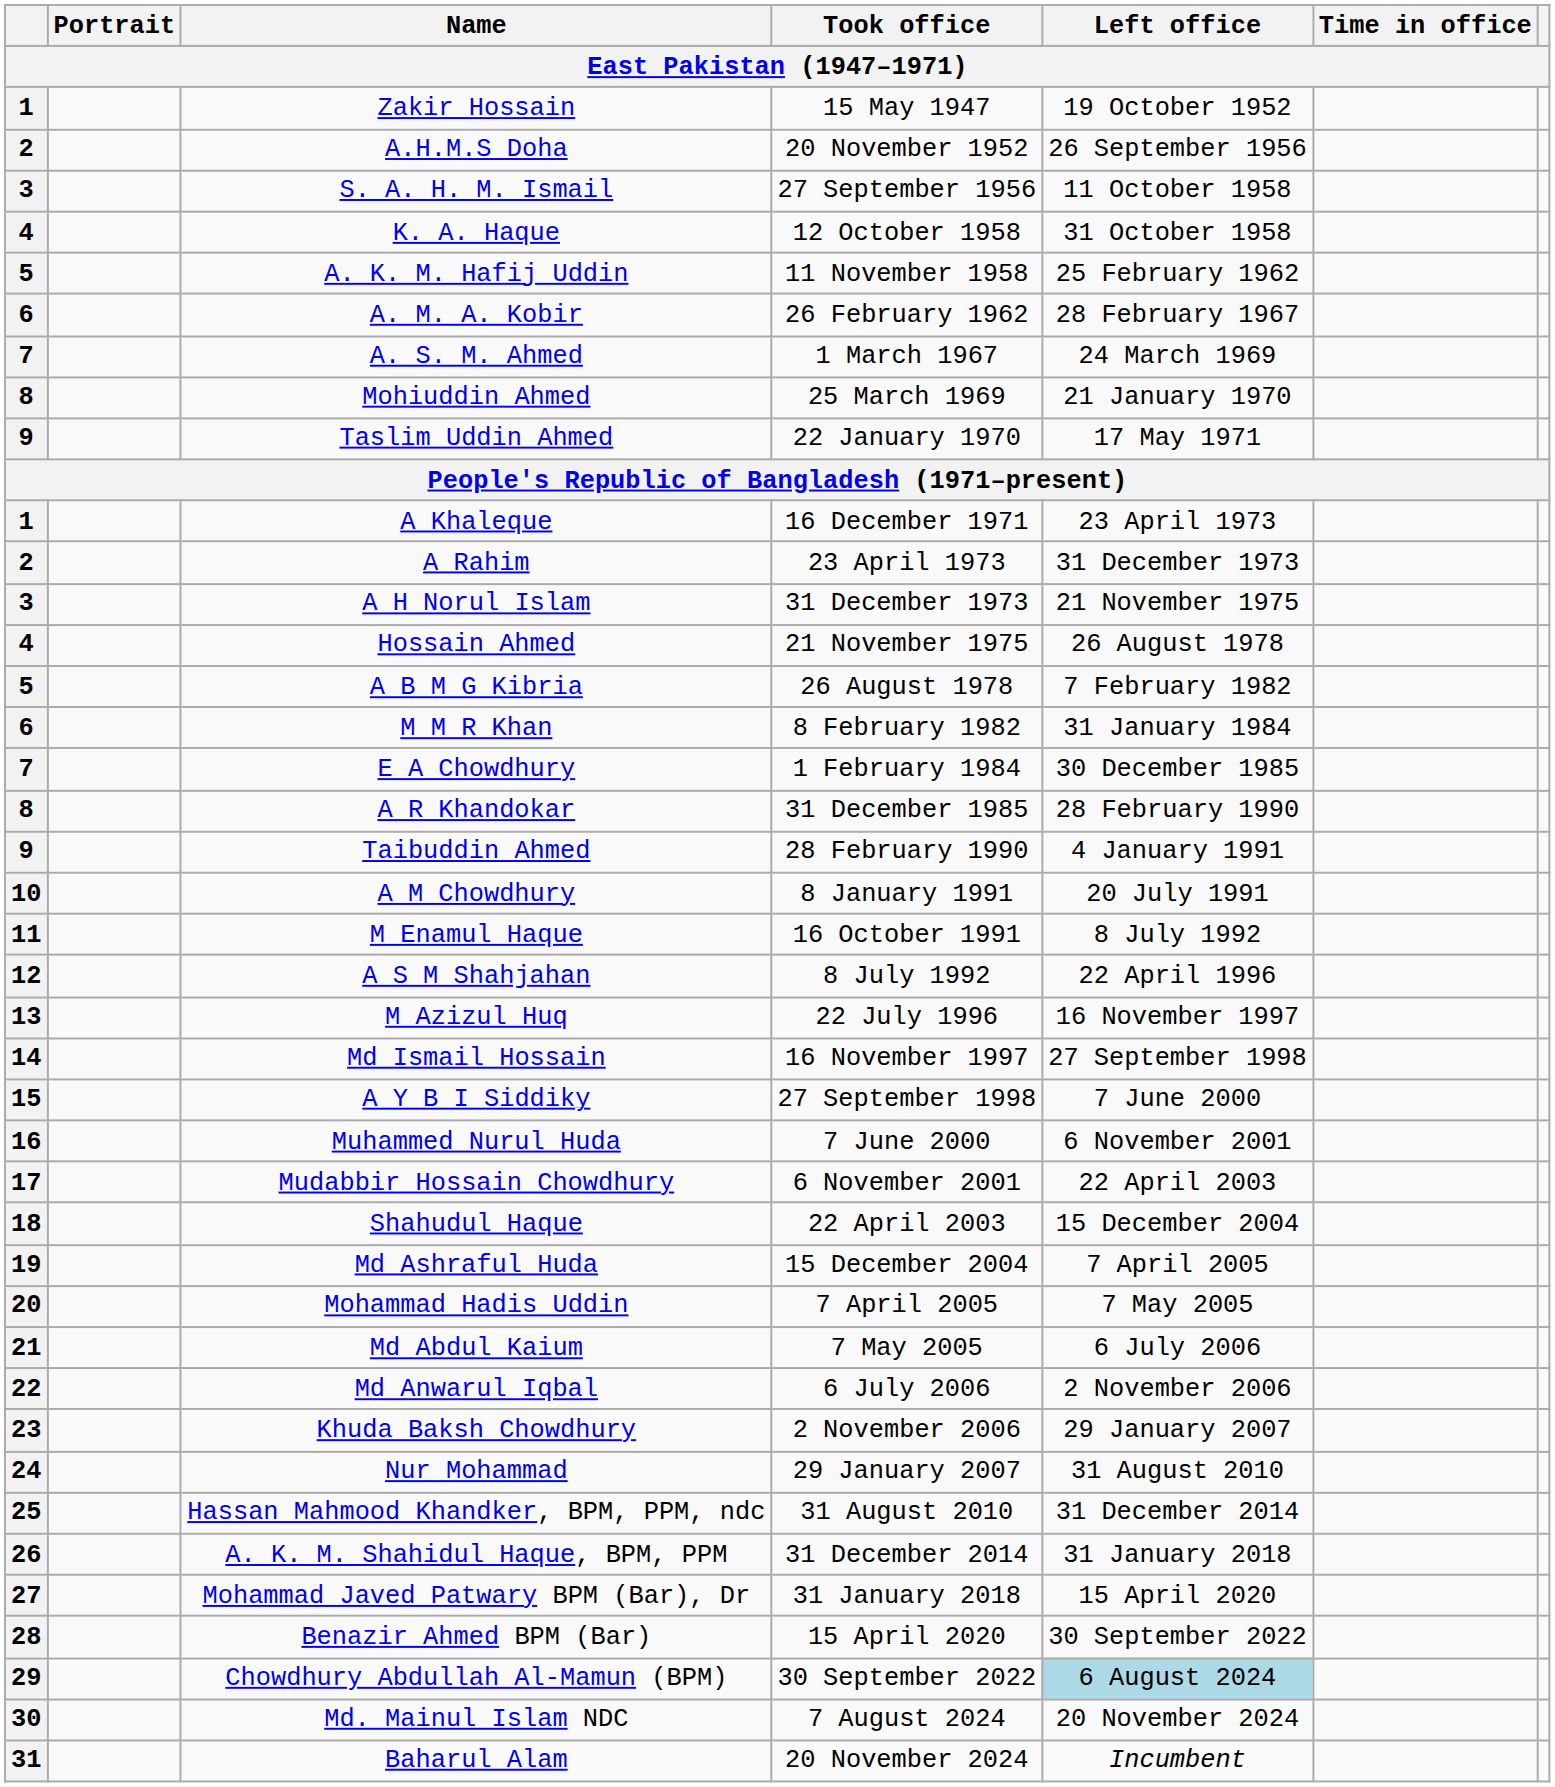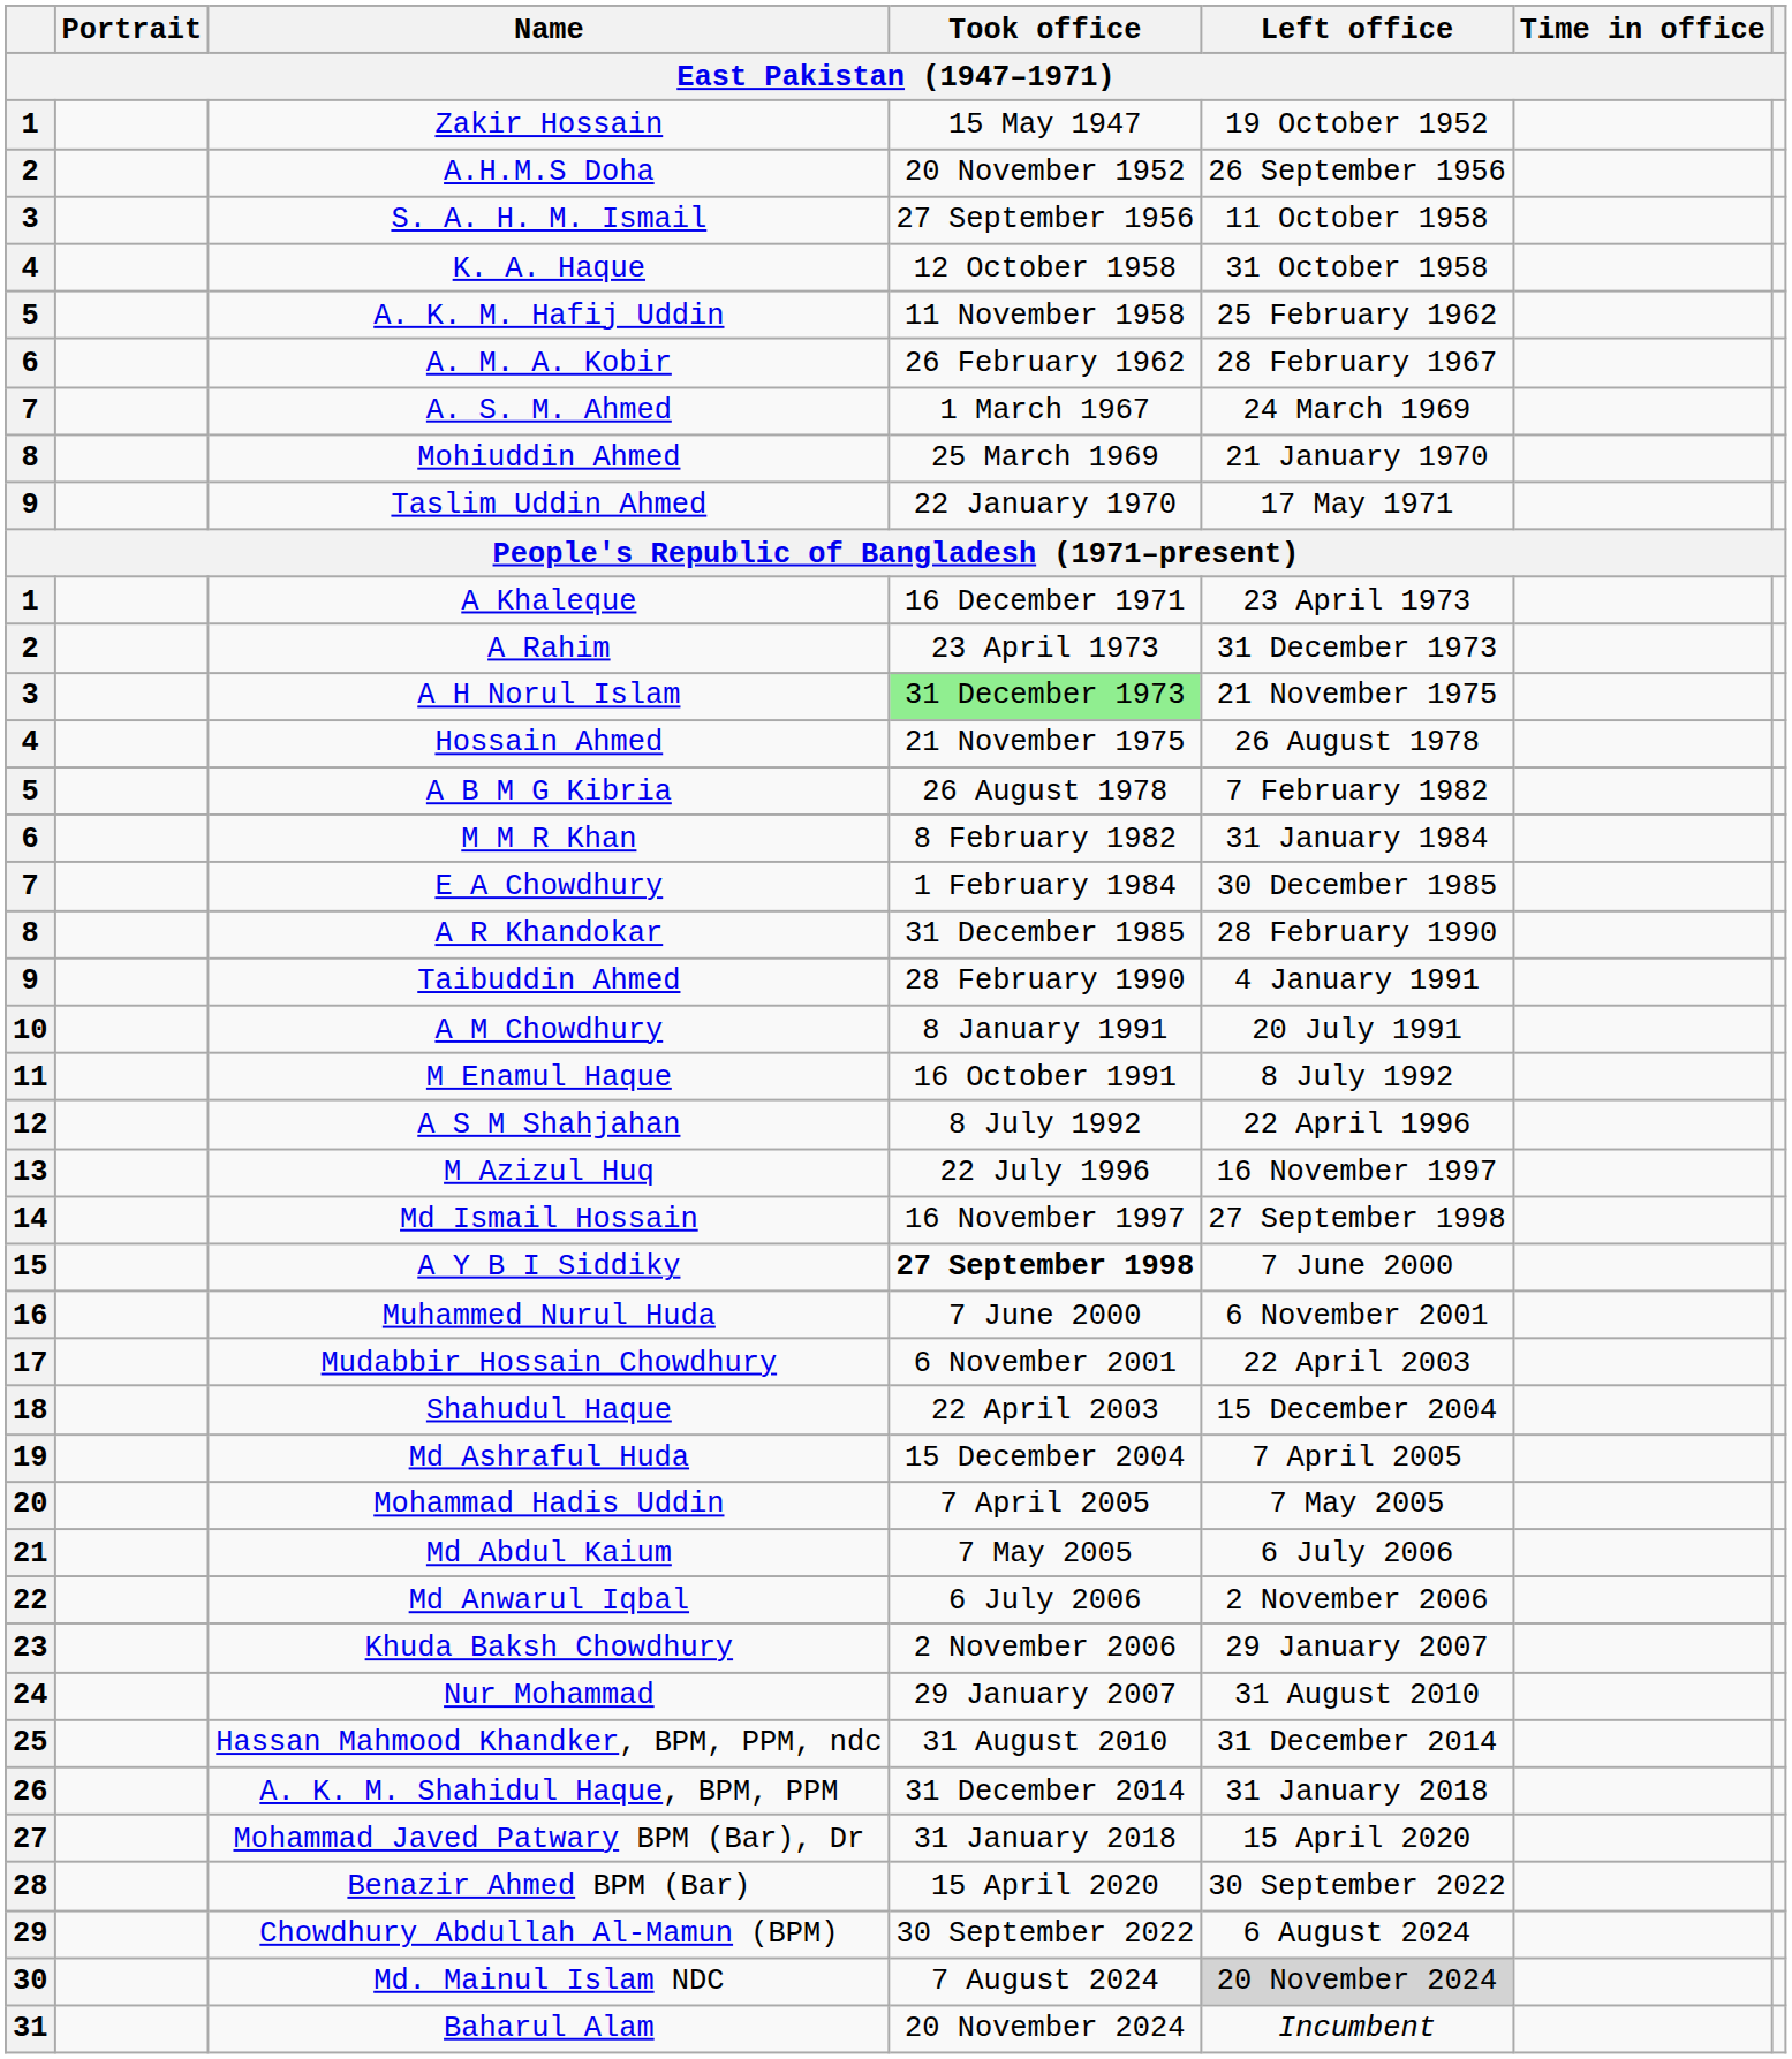 <table class="wikitable" style="text-align:center">
 <tr>
 <th scope=col></th>
 <th scope=col  class=unsortable>Portrait</th>
 <th scope=col>Name</th>
 <th scope=col>Took office</th>
 <th scope=col>Left office</th>
 <th scope=col>Time in office</th>
 <th scope=col class=unsortable></th>
 </tr>
 <tr>
 <th colspan="7"><a href='#'>East Pakistan</a> (1947–1971)</th>
 </tr>
 <tr>
 <th scope=row>1</th>
 <td></td>
 <td><a href='#'>Zakir Hossain</a></td>
 <td>15 May 1947</td>
 <td>19 October 1952</td>
 <td></td>
 <td></td>
 </tr>
 <tr>
 <th scope=row>2</th>
 <td></td>
 <td><a href='#'>A.H.M.S Doha</a></td>
 <td>20 November 1952</td>
 <td>26 September 1956</td>
 <td></td>
 <td></td>
 </tr>
 <tr>
 <th scope=row>3</th>
 <td></td>
 <td><a href='#'>S. A. H. M. Ismail</a></td>
 <td>27 September 1956</td>
 <td>11 October 1958</td>
 <td></td>
 <td></td>
 </tr>
 <tr>
 <th scope=row>4</th>
 <td></td>
 <td><a href='#'>K. A. Haque</a></td>
 <td>12 October 1958</td>
 <td>31 October 1958</td>
 <td></td>
 <td></td>
 </tr>
 <tr>
 <th scope=row>5</th>
 <td></td>
 <td><a href='#'>A. K. M. Hafij Uddin</a></td>
 <td>11 November 1958</td>
 <td>25 February 1962</td>
 <td></td>
 <td></td>
 </tr>
 <tr>
 <th scope=row>6</th>
 <td></td>
 <td><a href='#'>A. M. A. Kobir</a></td>
 <td>26 February 1962</td>
 <td>28 February 1967</td>
 <td></td>
 <td></td>
 </tr>
 <tr>
 <th scope=row>7</th>
 <td></td>
 <td><a href='#'>A. S. M. Ahmed</a></td>
 <td>1 March 1967</td>
 <td>24 March 1969</td>
 <td></td>
 <td></td>
 </tr>
 <tr>
 <th scope=row>8</th>
 <td></td>
 <td><a href='#'>Mohiuddin Ahmed</a></td>
 <td>25 March 1969</td>
 <td>21 January 1970</td>
 <td></td>
 <td></td>
 </tr>
 <tr>
 <th scope=row>9</th>
 <td></td>
 <td><a href='#'>Taslim Uddin Ahmed</a></td>
 <td>22 January 1970</td>
 <td>17 May 1971</td>
 <td></td>
 <td></td>
 </tr>
 <tr>
 <th colspan="7"><a href='#'>People's Republic of Bangladesh</a> (1971–present)</th>
 </tr>
 <tr>
 <th scope=row>1</th>
 <td></td>
 <td><a href='#'>A Khaleque</a></td>
 <td>16 December 1971</td>
 <td>23 April 1973</td>
 <td></td>
 <td></td>
 </tr>
 <tr>
 <th scope=row>2</th>
 <td></td>
 <td><a href='#'>A Rahim</a></td>
 <td>23 April 1973</td>
 <td>31 December 1973</td>
 <td></td>
 <td></td>
 </tr>
 <tr>
 <th scope=row>3</th>
 <td></td>
 <td><a href='#'>A H Norul Islam</a></td>
-<td>31 December 1973</td>
+<td style="background: lightgreen;">31 December 1973</td>
 <td>21 November 1975</td>
 <td></td>
 <td></td>
 </tr>
 <tr>
 <th scope=row>4</th>
 <td></td>
 <td><a href='#'>Hossain Ahmed</a></td>
 <td>21 November 1975</td>
 <td>26 August 1978</td>
 <td></td>
 <td></td>
 </tr>
 <tr>
 <th scope=row>5</th>
 <td></td>
 <td><a href='#'>A B M G Kibria</a></td>
 <td>26 August 1978</td>
 <td>7 February 1982</td>
 <td></td>
 <td></td>
 </tr>
 <tr>
 <th scope=row>6</th>
 <td></td>
 <td><a href='#'>M M R Khan</a></td>
 <td>8 February 1982</td>
 <td>31 January 1984</td>
 <td></td>
 <td></td>
 </tr>
 <tr>
 <th scope=row>7</th>
 <td></td>
 <td><a href='#'>E A Chowdhury</a></td>
 <td>1 February 1984</td>
 <td>30 December 1985</td>
 <td></td>
 <td></td>
 </tr>
 <tr>
 <th scope=row>8</th>
 <td></td>
 <td><a href='#'>A R Khandokar</a></td>
 <td>31 December 1985</td>
 <td>28 February 1990</td>
 <td></td>
 <td></td>
 </tr>
 <tr>
 <th scope=row>9</th>
 <td></td>
 <td><a href='#'>Taibuddin Ahmed</a></td>
 <td>28 February 1990</td>
 <td>4 January 1991</td>
 <td></td>
 <td></td>
 </tr>
 <tr>
 <th scope=row>10</th>
 <td></td>
 <td><a href='#'>A M Chowdhury</a></td>
 <td>8 January 1991</td>
 <td>20 July 1991</td>
 <td></td>
 <td></td>
 </tr>
 <tr>
 <th scope=row>11</th>
 <td></td>
 <td><a href='#'>M Enamul Haque</a></td>
 <td>16 October 1991</td>
 <td>8 July 1992</td>
 <td></td>
 <td></td>
 </tr>
 <tr>
 <th scope=row>12</th>
 <td></td>
 <td><a href='#'>A S M Shahjahan</a></td>
 <td>8 July 1992</td>
 <td>22 April 1996</td>
 <td></td>
 <td></td>
 </tr>
 <tr>
 <th scope=row>13</th>
 <td></td>
 <td><a href='#'>M Azizul Huq</a></td>
 <td>22 July 1996</td>
 <td>16 November 1997</td>
 <td></td>
 <td></td>
 </tr>
 <tr>
 <th scope=row>14</th>
 <td></td>
 <td><a href='#'>Md Ismail Hossain</a></td>
 <td>16 November 1997</td>
 <td>27 September 1998</td>
 <td></td>
 <td></td>
 </tr>
 <tr>
 <th scope=row>15</th>
 <td></td>
 <td><a href='#'>A Y B I Siddiky</a></td>
-<td>27 September 1998</td>
+<td><strong>27 September 1998</strong></td>
 <td>7 June 2000</td>
 <td></td>
 <td></td>
 </tr>
 <tr>
 <th scope=row>16</th>
 <td></td>
 <td><a href='#'>Muhammed Nurul Huda</a></td>
 <td>7 June 2000</td>
 <td>6 November 2001</td>
 <td></td>
 <td></td>
 </tr>
 <tr>
 <th scope=row>17</th>
 <td></td>
 <td><a href='#'>Mudabbir Hossain Chowdhury</a></td>
 <td>6 November 2001</td>
 <td>22 April 2003</td>
 <td></td>
 <td></td>
 </tr>
 <tr>
 <th scope=row>18</th>
 <td></td>
 <td><a href='#'>Shahudul Haque</a></td>
 <td>22 April 2003</td>
 <td>15 December 2004</td>
 <td></td>
 <td></td>
 </tr>
 <tr>
 <th scope=row>19</th>
 <td></td>
 <td><a href='#'>Md Ashraful Huda</a></td>
 <td>15 December 2004</td>
 <td>7 April 2005</td>
 <td></td>
 <td></td>
 </tr>
 <tr>
 <th scope=row>20</th>
 <td></td>
 <td><a href='#'>Mohammad Hadis Uddin</a></td>
 <td>7 April 2005</td>
 <td>7 May 2005</td>
 <td></td>
 <td></td>
 </tr>
 <tr>
 <th scope=row>21</th>
 <td></td>
 <td><a href='#'>Md Abdul Kaium</a></td>
 <td>7 May 2005</td>
 <td>6 July 2006</td>
 <td></td>
 <td></td>
 </tr>
 <tr>
 <th scope=row>22</th>
 <td></td>
 <td><a href='#'>Md Anwarul Iqbal</a></td>
 <td>6 July 2006</td>
 <td>2 November 2006</td>
 <td></td>
 <td></td>
 </tr>
 <tr>
 <th scope=row>23</th>
 <td></td>
 <td><a href='#'>Khuda Baksh Chowdhury</a></td>
 <td>2 November 2006</td>
 <td>29 January 2007</td>
 <td></td>
 <td></td>
 </tr>
 <tr>
 <th scope=row>24</th>
 <td></td>
 <td><a href='#'>Nur Mohammad</a></td>
 <td>29 January 2007</td>
 <td>31 August 2010</td>
 <td></td>
 <td></td>
 </tr>
 <tr>
 <th scope=row>25</th>
 <td></td>
 <td><a href='#'>Hassan Mahmood Khandker</a>, BPM, PPM, ndc</td>
 <td>31 August 2010</td>
 <td>31 December  2014</td>
 <td></td>
 <td></td>
 </tr>
 <tr>
 <th scope=row>26</th>
 <td></td>
 <td><a href='#'>A. K. M. Shahidul Haque</a>, BPM, PPM</td>
 <td>31 December 2014</td>
 <td>31 January 2018</td>
 <td></td>
 <td></td>
 </tr>
 <tr>
 <th scope=row>27</th>
 <td></td>
 <td><a href='#'>Mohammad Javed Patwary</a> BPM (Bar), Dr</td>
 <td>31 January 2018</td>
 <td>15 April 2020</td>
 <td></td>
 <td></td>
 </tr>
 <tr>
 <th scope=row>28</th>
 <td></td>
 <td><a href='#'>Benazir Ahmed</a> BPM (Bar)</td>
 <td>15 April 2020</td>
 <td>30 September 2022</td>
 <td></td>
 <td></td>
 </tr>
 <tr>
 <th scope=row>29</th>
 <td></td>
 <td><a href='#'>Chowdhury Abdullah Al-Mamun</a> (BPM)</td>
 <td>30 September 2022</td>
-<td style="background: lightblue;">6 August 2024</td>
+<td>6 August 2024</td>
 <td></td>
 <td></td>
 </tr>
 <tr>
 <th scope=row>30</th>
 <td></td>
 <td><a href='#'>Md. Mainul Islam</a> NDC</td>
 <td>7 August 2024</td>
-<td>20 November 2024</td>
+<td style="background: lightgrey;">20 November 2024</td>
 <td></td>
 <td></td>
 </tr>
 <tr>
 <th scope=row>31</th>
 <td></td>
 <td><a href='#'>Baharul Alam</a></td>
 <td>20 November 2024</td>
 <td><em>Incumbent</em></td>
 <td></td>
 <td></td>
 </tr>
 </table>
